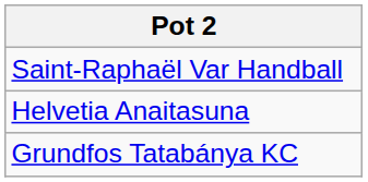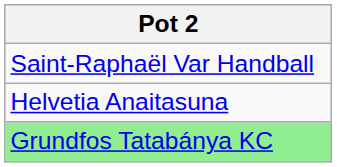 <table class="wikitable">
 <tr>
 <th width=205>Pot 2</th>
 </tr>
 <tr>
 <td> <a href='#'>Saint-Raphaël Var Handball</a></td>
 </tr>
 <tr>
 <td> <a href='#'>Helvetia Anaitasuna</a></td>
 </tr>
 <tr>
-<td> <a href='#'>Grundfos Tatabánya KC</a></td>
+<td style="background: lightgreen;"> <a href='#'>Grundfos Tatabánya KC</a></td>
 </tr>
 </table>
